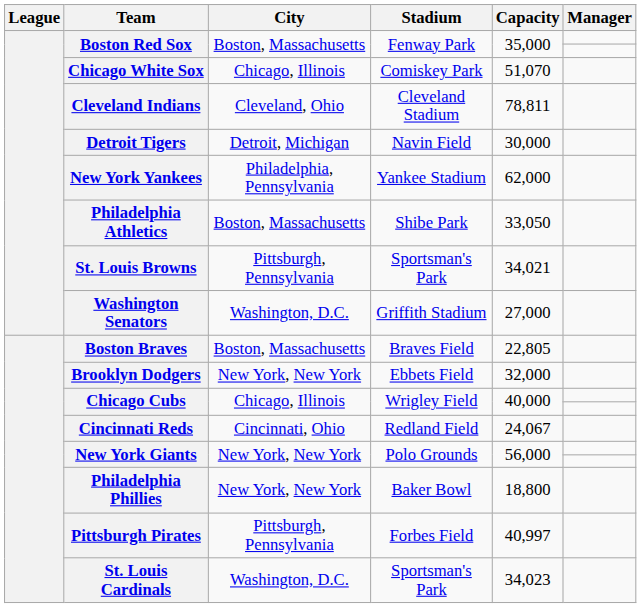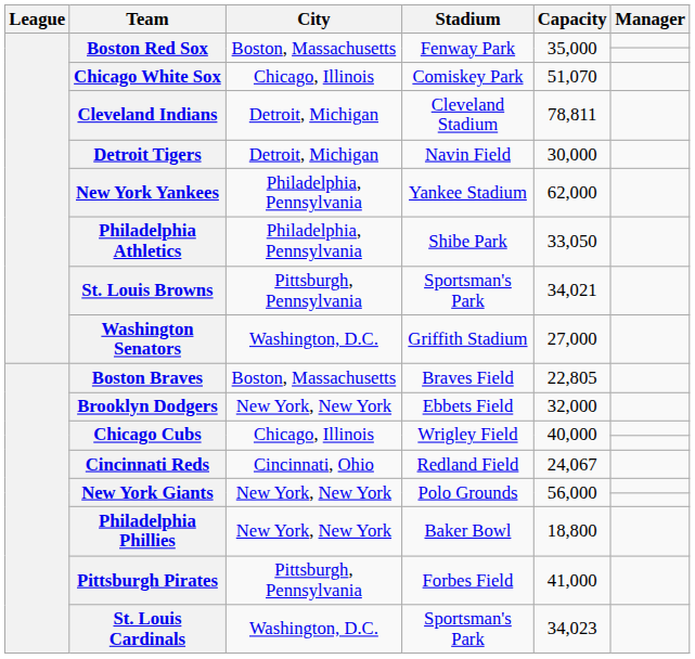 <table class="wikitable sortable plainrowheaders" style="text-align:center;">
 <tr>
 <th scope="col">League</th>
 <th scope="col">Team</th>
 <th scope="col">City</th>
 <th scope="col">Stadium</th>
 <th scope="col">Capacity</th>
 <th scope="col">Manager</th>
 </tr>
 <tr>
 <th rowspan="9"></th>
 <th rowspan="2" scope="row"><a href='#'>Boston Red Sox</a></th>
 <td rowspan="2"><a href='#'>Boston</a>, <a href='#'>Massachusetts</a></td>
 <td rowspan="2"><a href='#'>Fenway Park</a></td>
 <td rowspan="2">35,000</td>
 <td></td>
 </tr>
 <tr>
 <td></td>
 </tr>
 <tr>
 <th scope="row"><a href='#'>Chicago White Sox</a></th>
 <td><a href='#'>Chicago</a>, <a href='#'>Illinois</a></td>
 <td><a href='#'>Comiskey Park</a></td>
 <td>51,070</td>
 <td></td>
 </tr>
 <tr>
 <th scope="row"><a href='#'>Cleveland Indians</a></th>
-<td><a href='#'>Cleveland</a>, <a href='#'>Ohio</a></td>
+<td><a href='#'>Detroit</a>, <a href='#'>Michigan</a></td>
 <td><a href='#'>Cleveland Stadium</a></td>
 <td>78,811</td>
 <td></td>
 </tr>
 <tr>
 <th scope="row"><a href='#'>Detroit Tigers</a></th>
 <td><a href='#'>Detroit</a>, <a href='#'>Michigan</a></td>
 <td><a href='#'>Navin Field</a></td>
 <td>30,000</td>
 <td></td>
 </tr>
 <tr>
 <th scope="row"><a href='#'>New York Yankees</a></th>
 <td><a href='#'>Philadelphia</a>, <a href='#'>Pennsylvania</a></td>
 <td><a href='#'>Yankee Stadium</a></td>
 <td>62,000</td>
 <td></td>
 </tr>
 <tr>
 <th scope="row"><a href='#'>Philadelphia Athletics</a></th>
-<td><a href='#'>Boston</a>, <a href='#'>Massachusetts</a></td>
+<td><a href='#'>Philadelphia</a>, <a href='#'>Pennsylvania</a></td>
 <td><a href='#'>Shibe Park</a></td>
 <td>33,050</td>
 <td></td>
 </tr>
 <tr>
 <th scope="row"><a href='#'>St. Louis Browns</a></th>
 <td><a href='#'>Pittsburgh</a>, <a href='#'>Pennsylvania</a></td>
 <td><a href='#'>Sportsman's Park</a></td>
 <td>34,021</td>
 <td></td>
 </tr>
 <tr>
 <th scope="row"><a href='#'>Washington Senators</a></th>
 <td><a href='#'>Washington, D.C.</a></td>
 <td><a href='#'>Griffith Stadium</a></td>
 <td>27,000</td>
 <td></td>
 </tr>
 <tr>
 <th rowspan="10"></th>
 <th scope="row"><a href='#'>Boston Braves</a></th>
 <td><a href='#'>Boston</a>, <a href='#'>Massachusetts</a></td>
 <td><a href='#'>Braves Field</a></td>
 <td>22,805</td>
 <td></td>
 </tr>
 <tr>
 <th scope="row"><a href='#'>Brooklyn Dodgers</a></th>
 <td><a href='#'>New York</a>, <a href='#'>New York</a></td>
 <td><a href='#'>Ebbets Field</a></td>
 <td>32,000</td>
 <td></td>
 </tr>
 <tr>
 <th rowspan="2" scope="row"><a href='#'>Chicago Cubs</a></th>
 <td rowspan="2"><a href='#'>Chicago</a>, <a href='#'>Illinois</a></td>
 <td rowspan="2"><a href='#'>Wrigley Field</a></td>
 <td rowspan="2">40,000</td>
 <td></td>
 </tr>
 <tr>
 <td></td>
 </tr>
 <tr>
 <th scope="row"><a href='#'>Cincinnati Reds</a></th>
 <td><a href='#'>Cincinnati</a>, <a href='#'>Ohio</a></td>
 <td><a href='#'>Redland Field</a></td>
 <td>24,067</td>
 <td></td>
 </tr>
 <tr>
 <th rowspan="2" scope="row"><a href='#'>New York Giants</a></th>
 <td rowspan="2"><a href='#'>New York</a>, <a href='#'>New York</a></td>
 <td rowspan="2"><a href='#'>Polo Grounds</a></td>
 <td rowspan="2">56,000</td>
 <td></td>
 </tr>
 <tr>
 <td></td>
 </tr>
 <tr>
 <th scope="row"><a href='#'>Philadelphia Phillies</a></th>
 <td><a href='#'>New York</a>, <a href='#'>New York</a></td>
 <td><a href='#'>Baker Bowl</a></td>
 <td>18,800</td>
 <td></td>
 </tr>
 <tr>
 <th scope="row"><a href='#'>Pittsburgh Pirates</a></th>
 <td><a href='#'>Pittsburgh</a>, <a href='#'>Pennsylvania</a></td>
 <td><a href='#'>Forbes Field</a></td>
-<td>40,997</td>
+<td>41,000</td>
 <td></td>
 </tr>
 <tr>
 <th scope="row"><a href='#'>St. Louis Cardinals</a></th>
 <td><a href='#'>Washington, D.C.</a></td>
 <td><a href='#'>Sportsman's Park</a></td>
 <td>34,023</td>
 <td></td>
 </tr>
 </table>
